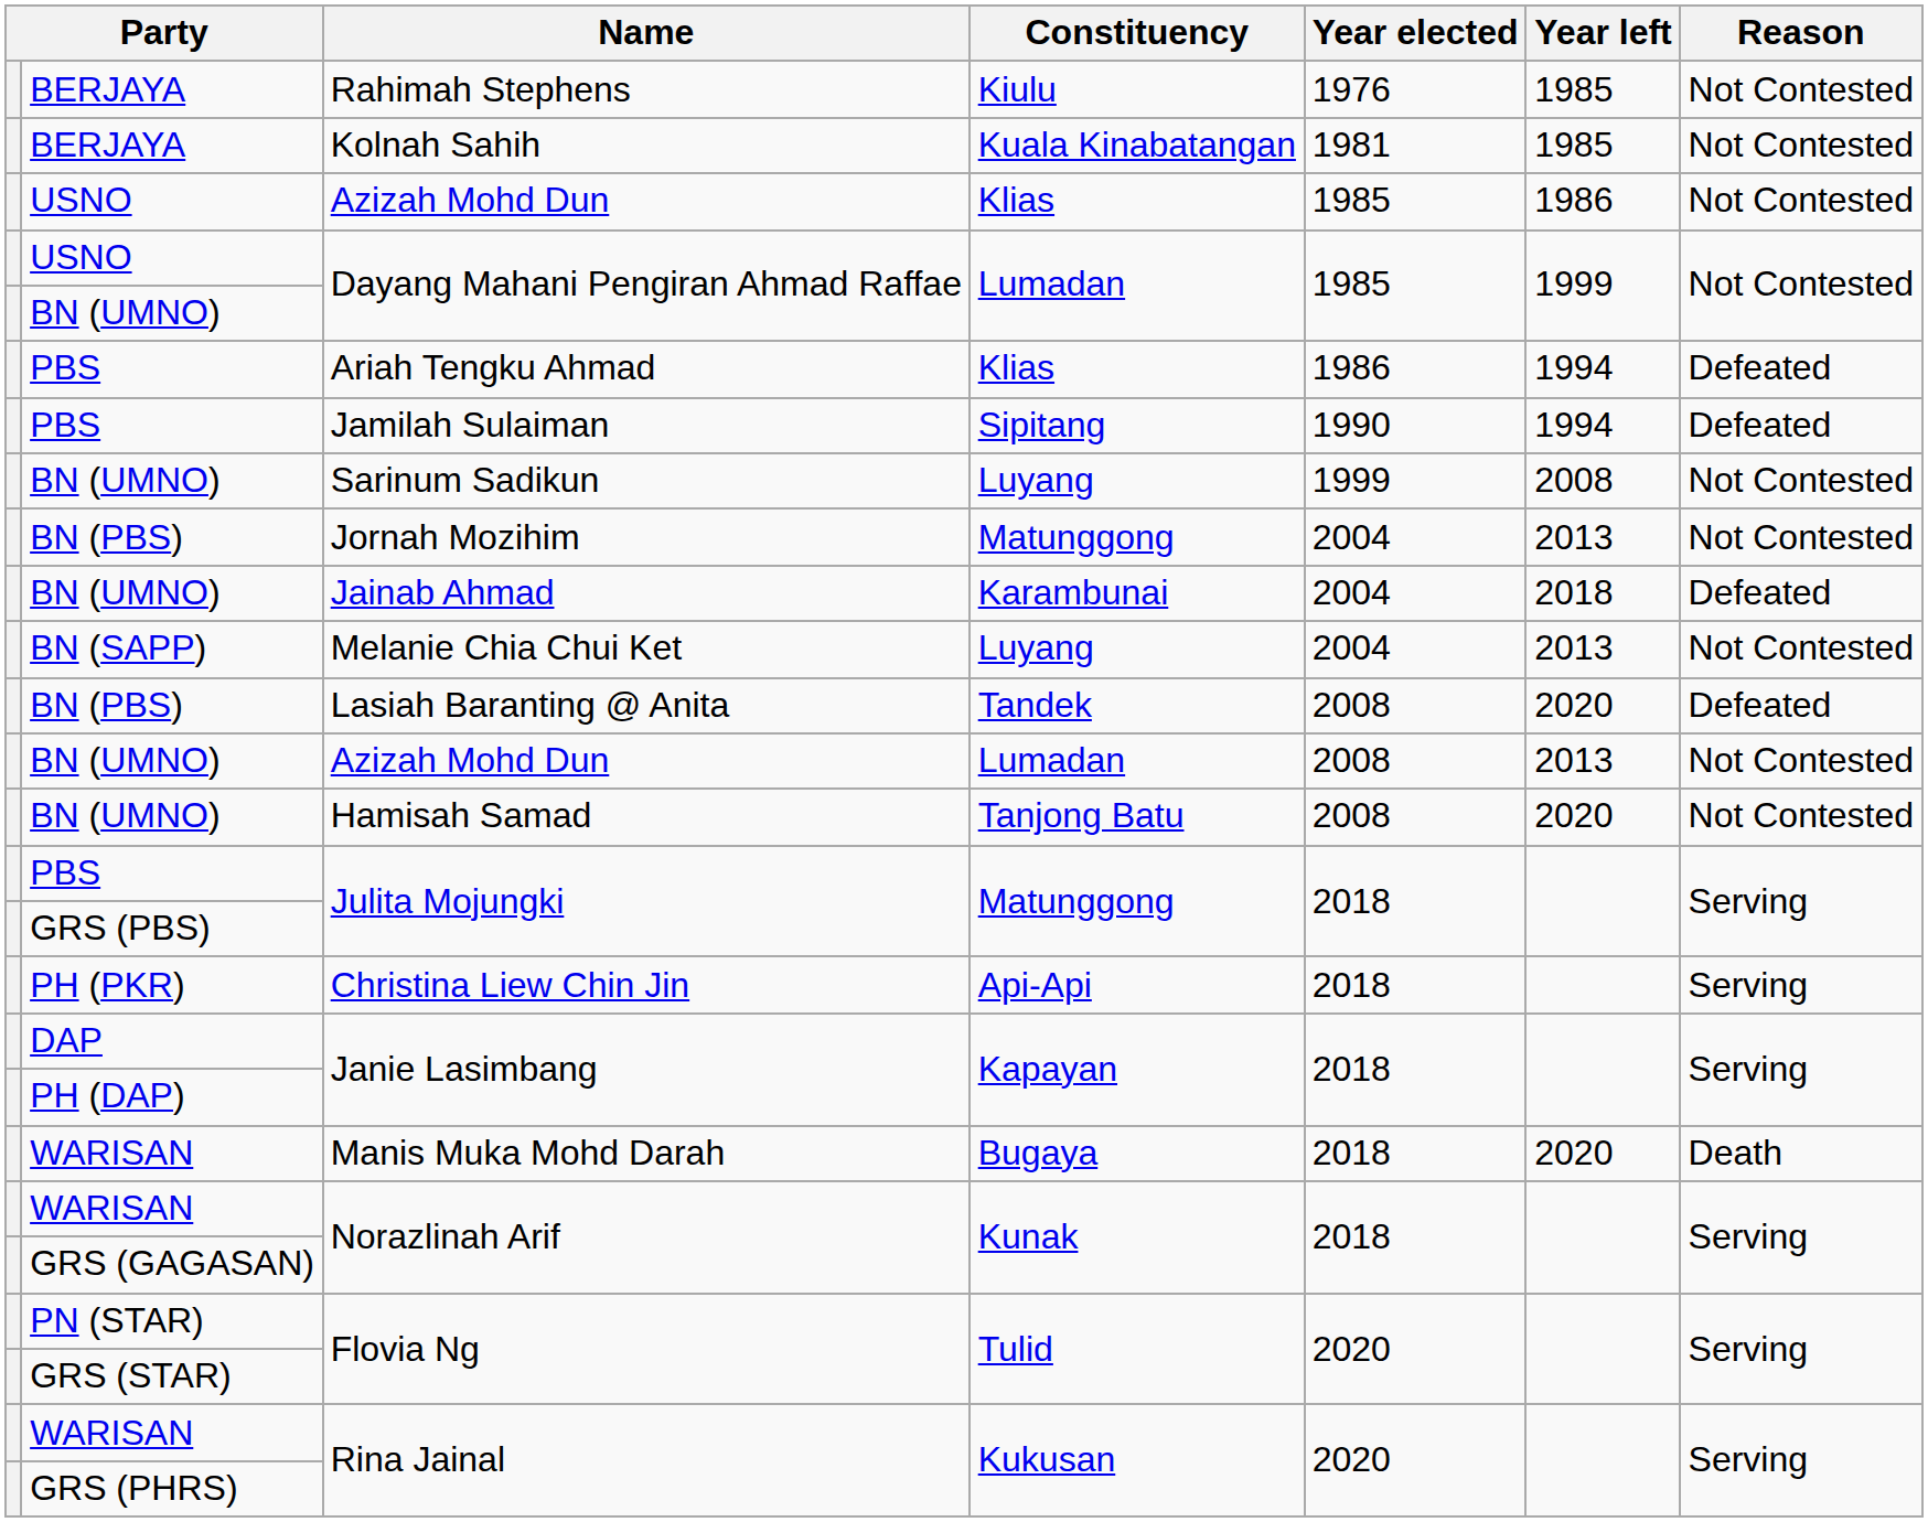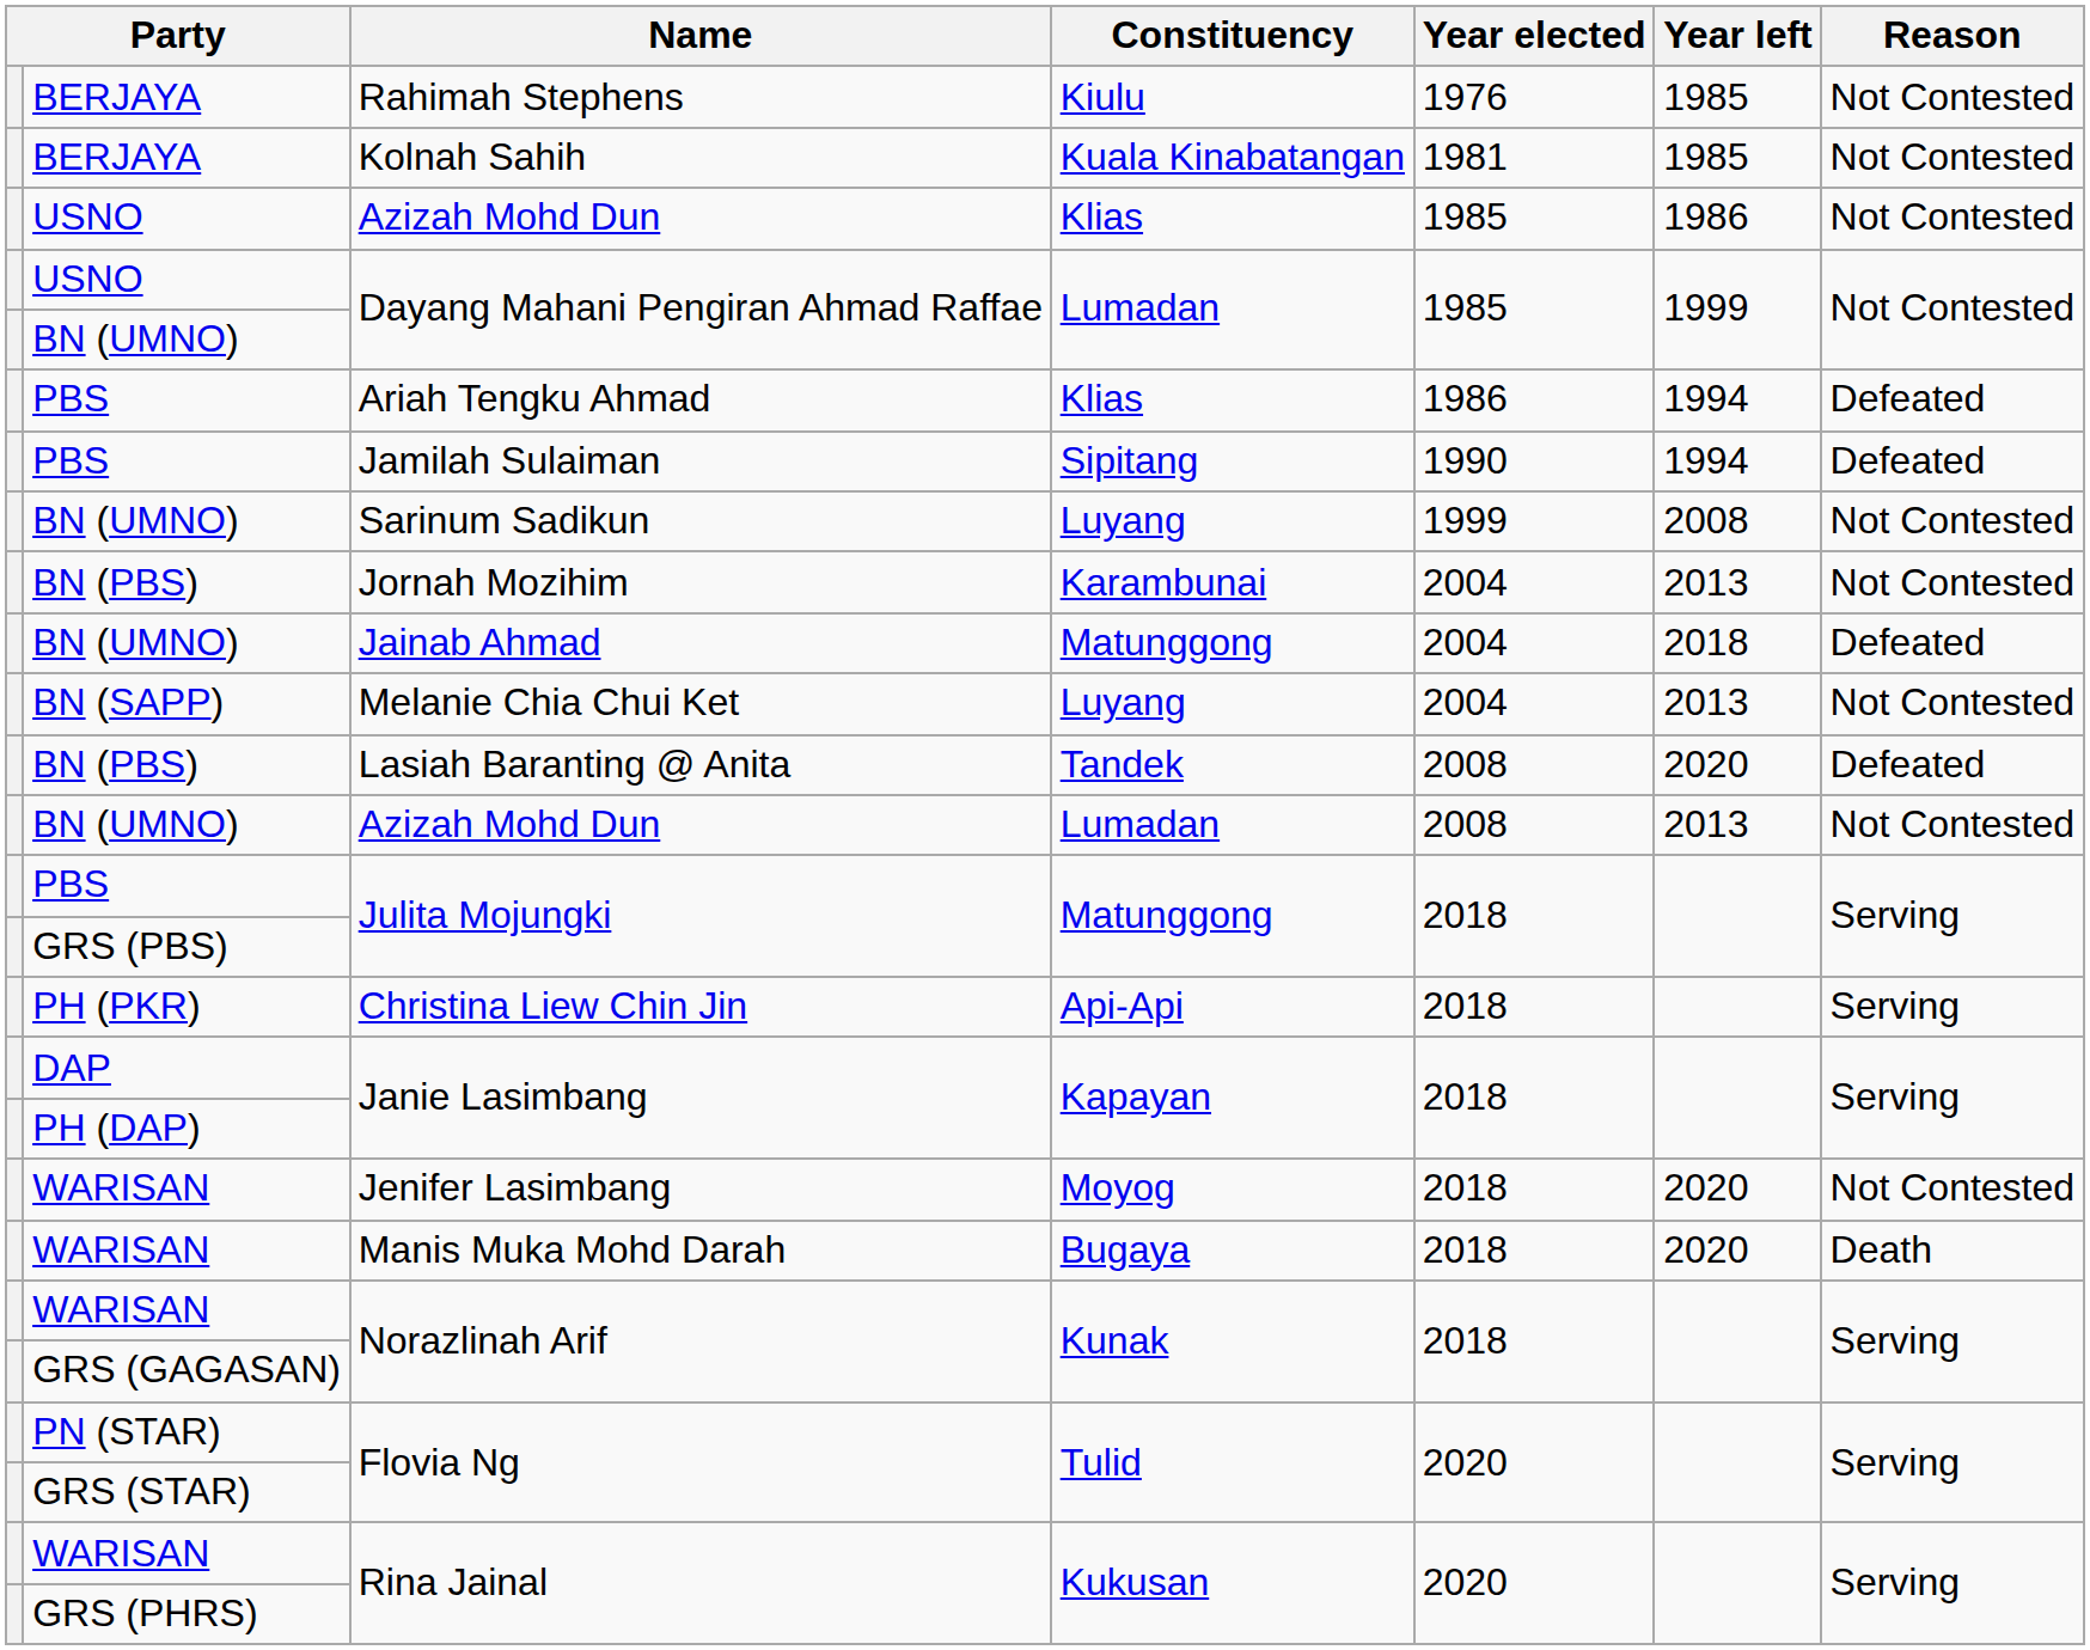 <table class="wikitable sortable">
 <tr>
 <th colspan=2>Party</th>
 <th>Name</th>
 <th>Constituency</th>
 <th>Year elected</th>
 <th>Year left</th>
 <th>Reason</th>
 </tr>
 <tr>
 <th></th>
 <td><a href='#'>BERJAYA</a></td>
 <td>Rahimah Stephens</td>
 <td><a href='#'>Kiulu</a></td>
 <td>1976</td>
 <td>1985</td>
 <td>Not Contested</td>
 </tr>
 <tr>
 <th></th>
 <td><a href='#'>BERJAYA</a></td>
 <td>Kolnah Sahih</td>
 <td><a href='#'>Kuala Kinabatangan</a></td>
 <td>1981</td>
 <td>1985</td>
 <td>Not Contested</td>
 </tr>
 <tr>
 <th></th>
 <td><a href='#'>USNO</a></td>
 <td><a href='#'>Azizah Mohd Dun</a></td>
 <td><a href='#'>Klias</a></td>
 <td>1985</td>
 <td>1986</td>
 <td>Not Contested</td>
 </tr>
 <tr>
 <th></th>
 <td><a href='#'>USNO</a></td>
 <td rowspan=2>Dayang Mahani Pengiran Ahmad Raffae</td>
 <td rowspan=2><a href='#'>Lumadan</a></td>
 <td rowspan=2>1985</td>
 <td rowspan=2>1999</td>
 <td rowspan=2>Not Contested</td>
 </tr>
 <tr>
 <th style="background-color: "></th>
 <td><a href='#'>BN</a> (<a href='#'>UMNO</a>)</td>
 </tr>
 <tr>
 <th></th>
 <td><a href='#'>PBS</a></td>
 <td>Ariah Tengku Ahmad</td>
 <td><a href='#'>Klias</a></td>
 <td>1986</td>
 <td>1994</td>
 <td>Defeated</td>
 </tr>
 <tr>
 <th></th>
 <td><a href='#'>PBS</a></td>
 <td>Jamilah Sulaiman</td>
 <td><a href='#'>Sipitang</a></td>
 <td>1990</td>
 <td>1994</td>
 <td>Defeated</td>
 </tr>
 <tr>
 <th style="background-color: "></th>
 <td><a href='#'>BN</a> (<a href='#'>UMNO</a>)</td>
 <td>Sarinum Sadikun</td>
 <td><a href='#'>Luyang</a></td>
 <td>1999</td>
 <td>2008</td>
 <td>Not Contested</td>
 </tr>
 <tr>
 <th style="background-color: "></th>
 <td><a href='#'>BN</a> (<a href='#'>PBS</a>)</td>
 <td>Jornah Mozihim</td>
-<td><a href='#'>Matunggong</a></td>
+<td><a href='#'>Karambunai</a></td>
 <td>2004</td>
 <td>2013</td>
 <td>Not Contested</td>
 </tr>
 <tr>
 <th style="background-color: "></th>
 <td><a href='#'>BN</a> (<a href='#'>UMNO</a>)</td>
 <td><a href='#'>Jainab Ahmad</a></td>
-<td><a href='#'>Karambunai</a></td>
+<td><a href='#'>Matunggong</a></td>
 <td>2004</td>
 <td>2018</td>
 <td>Defeated</td>
 </tr>
 <tr>
 <th style="background-color: "></th>
 <td><a href='#'>BN</a> (<a href='#'>SAPP</a>)</td>
 <td>Melanie Chia Chui Ket</td>
 <td><a href='#'>Luyang</a></td>
 <td>2004</td>
 <td>2013</td>
 <td>Not Contested</td>
 </tr>
 <tr>
 <th style="background-color: "></th>
 <td><a href='#'>BN</a> (<a href='#'>PBS</a>)</td>
 <td>Lasiah Baranting @ Anita</td>
 <td><a href='#'>Tandek</a></td>
 <td>2008</td>
 <td>2020</td>
 <td>Defeated</td>
 </tr>
 <tr>
 <th style="background-color: "></th>
 <td><a href='#'>BN</a> (<a href='#'>UMNO</a>)</td>
 <td><a href='#'>Azizah Mohd Dun</a></td>
 <td><a href='#'>Lumadan</a></td>
 <td>2008</td>
 <td>2013</td>
-<td>Not Contested</td>
-</tr>
-<tr>
-<th style="background-color: "></th>
-<td><a href='#'>BN</a> (<a href='#'>UMNO</a>)</td>
-<td>Hamisah Samad</td>
-<td><a href='#'>Tanjong Batu</a></td>
-<td>2008</td>
-<td>2020</td>
 <td>Not Contested</td>
 </tr>
 <tr>
 <th style="background-color: "></th>
 <td><a href='#'>PBS</a></td>
 <td rowspan="2"><a href='#'>Julita Mojungki</a></td>
 <td rowspan="2"><a href='#'>Matunggong</a></td>
 <td rowspan="2">2018</td>
 <td rowspan="2"></td>
 <td rowspan="2">Serving</td>
 </tr>
 <tr>
 <th style="background-color: "></th>
 <td>GRS (PBS)</td>
 </tr>
 <tr>
 <th style="background-color: "></th>
 <td><a href='#'>PH</a> (<a href='#'>PKR</a>)</td>
 <td><a href='#'>Christina Liew Chin Jin</a></td>
 <td><a href='#'>Api-Api</a></td>
 <td>2018</td>
 <td></td>
 <td>Serving</td>
 </tr>
 <tr>
 <th style="background-color: "></th>
 <td><a href='#'>DAP</a></td>
 <td rowspan=2>Janie Lasimbang</td>
 <td rowspan=2><a href='#'>Kapayan</a></td>
 <td rowspan=2>2018</td>
 <td rowspan=2></td>
 <td rowspan=2>Serving</td>
 </tr>
 <tr>
 <th style="background-color: "></th>
 <td><a href='#'>PH</a> (<a href='#'>DAP</a>)</td>
+</tr>
+<tr>
+<th style="background-color: "></th>
+<td><a href='#'>WARISAN</a></td>
+<td>Jenifer Lasimbang</td>
+<td><a href='#'>Moyog</a></td>
+<td>2018</td>
+<td>2020</td>
+<td>Not Contested</td>
 </tr>
 <tr>
 <th style="background-color: "></th>
 <td><a href='#'>WARISAN</a></td>
 <td>Manis Muka Mohd Darah</td>
 <td><a href='#'>Bugaya</a></td>
 <td>2018</td>
 <td>2020</td>
 <td>Death</td>
 </tr>
 <tr>
 <th style="background-color: "></th>
 <td><a href='#'>WARISAN</a></td>
 <td rowspan="2">Norazlinah Arif</td>
 <td rowspan="2"><a href='#'>Kunak</a></td>
 <td rowspan="2">2018</td>
 <td rowspan="2"></td>
 <td rowspan="2">Serving</td>
 </tr>
 <tr>
 <th style="background-color: "></th>
 <td>GRS (GAGASAN)</td>
 </tr>
 <tr>
 <th style="background-color: "></th>
 <td><a href='#'>PN</a> (STAR)</td>
 <td rowspan="2">Flovia Ng</td>
 <td rowspan="2"><a href='#'>Tulid</a></td>
 <td rowspan="2">2020</td>
 <td rowspan="2"></td>
 <td rowspan="2">Serving</td>
 </tr>
 <tr>
 <th style="background-color: "></th>
 <td>GRS (STAR)</td>
 </tr>
 <tr>
 <th style="background-color: "></th>
 <td><a href='#'>WARISAN</a></td>
 <td rowspan="2">Rina Jainal</td>
 <td rowspan="2"><a href='#'>Kukusan</a></td>
 <td rowspan="2">2020</td>
 <td rowspan="2"></td>
 <td rowspan="2">Serving</td>
 </tr>
 <tr>
 <th style="background-color: "></th>
 <td>GRS (PHRS)</td>
 </tr>
 </table>
